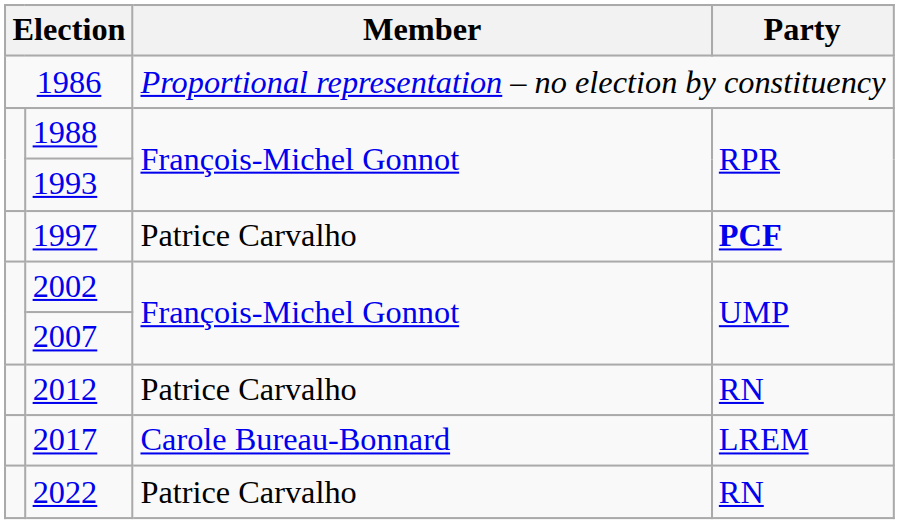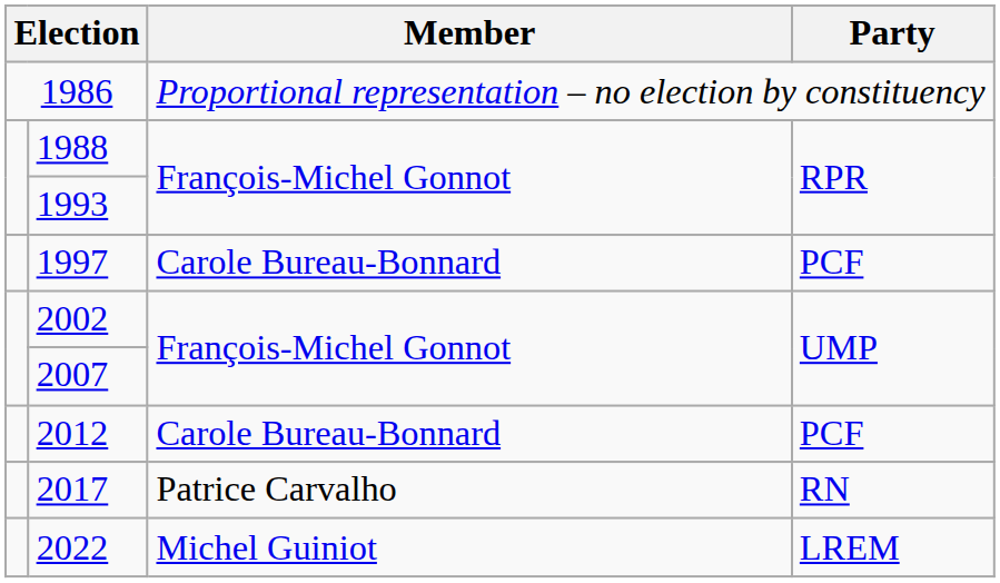 <table class="wikitable">
 <tr>
 <th colspan="2">Election</th>
 <th>Member</th>
 <th>Party</th>
 </tr>
 <tr>
 <td colspan="2" align="center"><a href='#'>1986</a></td>
 <td colspan="2"><em><a href='#'>Proportional representation</a> – no election by constituency</em></td>
 </tr>
 <tr>
 <td rowspan="2" style="background-color: "></td>
 <td><a href='#'>1988</a></td>
 <td rowspan="2"><a href='#'>François-Michel Gonnot</a></td>
 <td rowspan="2"><a href='#'>RPR</a></td>
 </tr>
 <tr>
 <td><a href='#'>1993</a></td>
 </tr>
 <tr>
 <td style="color:inherit;background-color: "></td>
 <td><a href='#'>1997</a></td>
-<td>Patrice Carvalho</td>
-<td><strong><a href='#'>PCF</a></strong></td>
+<td><a href='#'>Carole Bureau-Bonnard</a></td>
+<td><a href='#'>PCF</a></td>
 </tr>
 <tr>
 <td rowspan="2" style="background-color: "></td>
 <td><a href='#'>2002</a></td>
 <td rowspan="2"><a href='#'>François-Michel Gonnot</a></td>
 <td rowspan="2"><a href='#'>UMP</a></td>
 </tr>
 <tr>
 <td><a href='#'>2007</a></td>
 </tr>
 <tr>
 <td style="color:inherit;background-color: "></td>
 <td><a href='#'>2012</a></td>
+<td><a href='#'>Carole Bureau-Bonnard</a></td>
+<td><a href='#'>PCF</a></td>
+</tr>
+<tr>
+<td style="color:inherit;background-color: "></td>
+<td><a href='#'>2017</a></td>
 <td>Patrice Carvalho</td>
 <td><a href='#'>RN</a></td>
 </tr>
 <tr>
 <td style="color:inherit;background-color: "></td>
-<td><a href='#'>2017</a></td>
-<td><a href='#'>Carole Bureau-Bonnard</a></td>
+<td><a href='#'>2022</a></td>
+<td><a href='#'>Michel Guiniot</a></td>
 <td><a href='#'>LREM</a></td>
 </tr>
-<tr>
-<td style="color:inherit;background-color: "></td>
-<td><a href='#'>2022</a></td>
-<td>Patrice Carvalho</td>
-<td><a href='#'>RN</a></td>
-</tr>
 </table>
